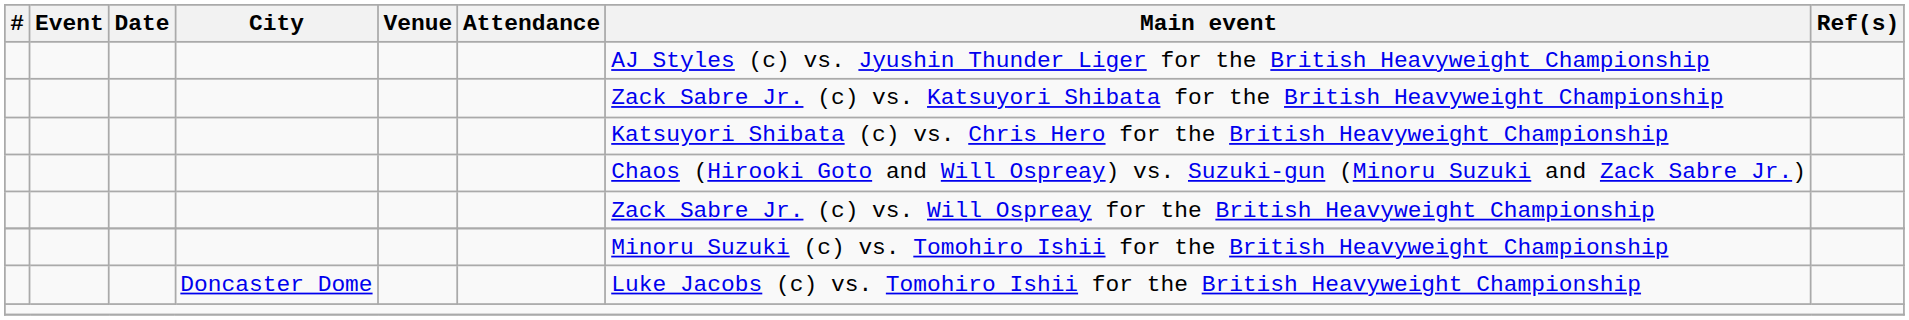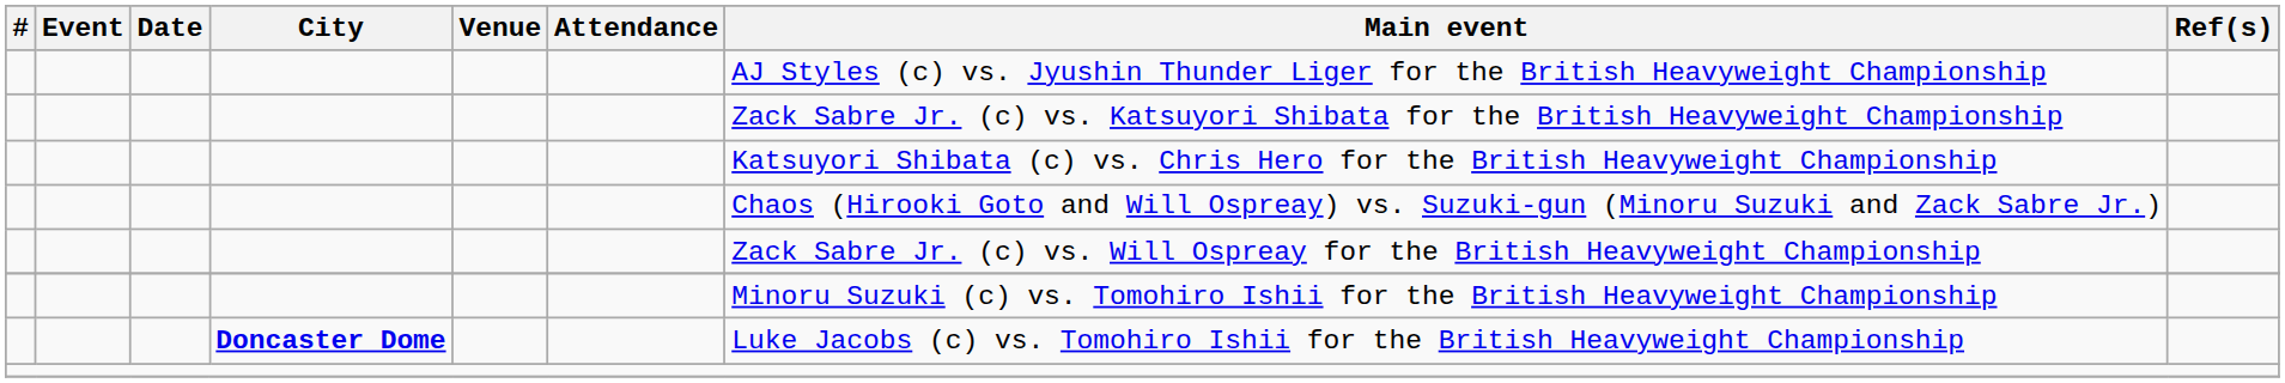 <table class="wikitable sortable" align="center">
 <tr>
 <th>#</th>
 <th>Event</th>
 <th>Date</th>
 <th>City</th>
 <th>Venue</th>
 <th>Attendance</th>
 <th>Main event</th>
 <th>Ref(s)</th>
 </tr>
 <tr>
 <td></td>
 <td></td>
 <td></td>
 <td></td>
 <td></td>
 <td></td>
 <td align="left"><a href='#'>AJ Styles</a> (c) vs. <a href='#'>Jyushin Thunder Liger</a> for the <a href='#'>British Heavyweight Championship</a></td>
 <td></td>
 </tr>
 <tr>
 <td></td>
 <td></td>
 <td></td>
 <td></td>
 <td></td>
 <td></td>
 <td align="left"><a href='#'>Zack Sabre Jr.</a> (c) vs. <a href='#'>Katsuyori Shibata</a> for the <a href='#'>British Heavyweight Championship</a></td>
 <td></td>
 </tr>
 <tr>
 <td></td>
 <td></td>
 <td></td>
 <td></td>
 <td></td>
 <td></td>
 <td align="left"><a href='#'>Katsuyori Shibata</a> (c) vs. <a href='#'>Chris Hero</a> for the <a href='#'>British Heavyweight Championship</a></td>
 <td></td>
 </tr>
 <tr>
 <td></td>
 <td></td>
 <td></td>
 <td></td>
 <td></td>
 <td></td>
 <td align="left"><a href='#'>Chaos</a> (<a href='#'>Hirooki Goto</a> and <a href='#'>Will Ospreay</a>) vs. <a href='#'>Suzuki-gun</a> (<a href='#'>Minoru Suzuki</a> and <a href='#'>Zack Sabre Jr.</a>)</td>
 <td></td>
 </tr>
 <tr>
 <td></td>
 <td></td>
 <td></td>
 <td></td>
 <td></td>
 <td></td>
 <td align="left"><a href='#'>Zack Sabre Jr.</a> (c) vs. <a href='#'>Will Ospreay</a> for the <a href='#'>British Heavyweight Championship</a></td>
 <td></td>
 </tr>
 <tr>
 </tr>
 <tr>
 <td></td>
 <td></td>
 <td></td>
 <td></td>
 <td></td>
 <td></td>
 <td align="left"><a href='#'>Minoru Suzuki</a> (c) vs. <a href='#'>Tomohiro Ishii</a> for the <a href='#'>British Heavyweight Championship</a></td>
 <td></td>
 </tr>
 <tr>
 <td></td>
 <td></td>
 <td></td>
-<td><a href='#'>Doncaster Dome</a></td>
+<td><strong><a href='#'>Doncaster Dome</a></strong></td>
 <td></td>
 <td></td>
 <td align="left"><a href='#'>Luke Jacobs</a> (c) vs. <a href='#'>Tomohiro Ishii</a> for the <a href='#'>British Heavyweight Championship</a></td>
 </tr>
 <tr>
 <td colspan="8"></td>
 </tr>
 <tr>
 </tr>
 </table>
